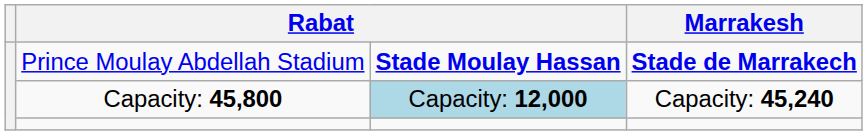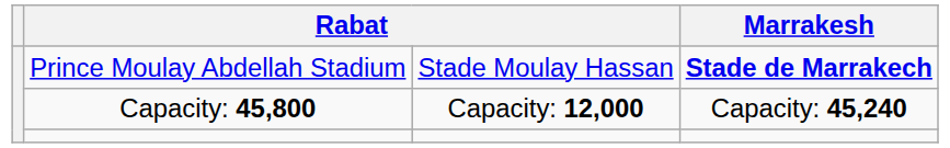 <table class="wikitable" style="text-align:center;margin:1em auto;">
 <tr>
 <th></th>
 <th colspan=2><a href='#'>Rabat</a></th>
 <th><a href='#'>Marrakesh</a></th>
 </tr>
 <tr>
 <th rowspan="3"></th>
 <td><a href='#'>Prince Moulay Abdellah Stadium</a></td>
-<td><strong><a href='#'>Stade Moulay Hassan</a></strong></td>
+<td><a href='#'>Stade Moulay Hassan</a></td>
 <td><strong><a href='#'>Stade de Marrakech</a></strong></td>
 </tr>
 <tr>
 <td>Capacity: <strong>45,800</strong></td>
-<td style="background: lightblue;">Capacity: <strong>12,000</strong></td>
+<td>Capacity: <strong>12,000</strong></td>
 <td>Capacity: <strong>45,240</strong></td>
 </tr>
 <tr>
 <td></td>
 <td></td>
 <td></td>
 </tr>
 </table>
